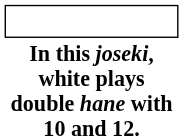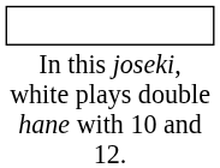 <table style="margin:1em;width: 130px; float:right;">
 <tr>
 <td style="border: solid thin; padding: 2px;"><br></td>
 </tr>
 <tr>
-<td style="text-align:center"><strong>In this <em>joseki</em>, white plays double <em>hane</em> with 10 and 12.</strong></td>
+<td style="text-align:center">In this <em>joseki</em>, white plays double <em>hane</em> with 10 and 12.</td>
 </tr>
 </table>
